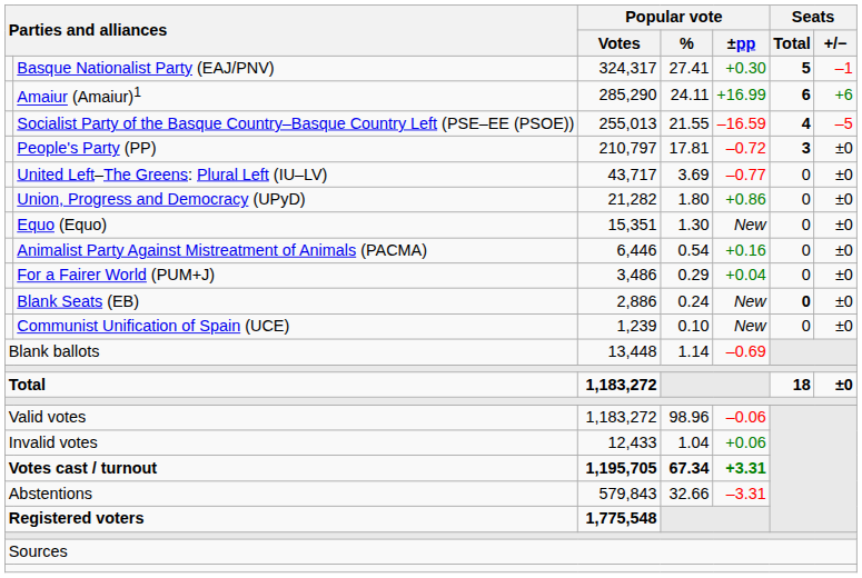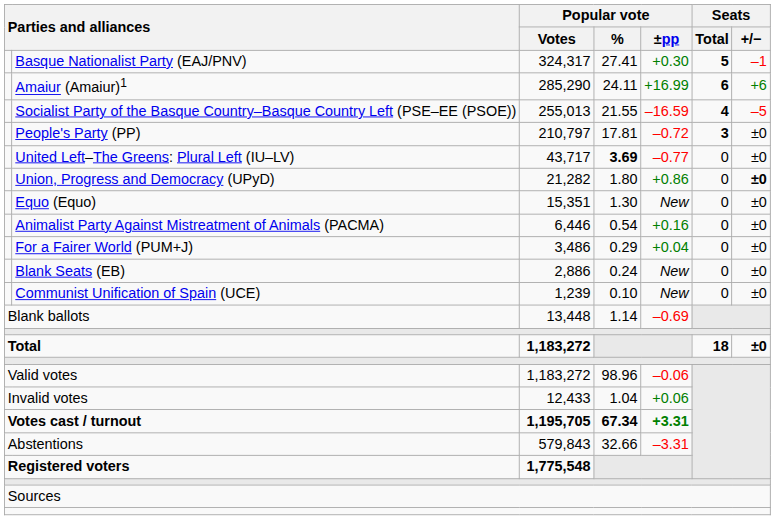 <table class="wikitable" style="text-align:right;">
 <tr>
 <th style="text-align:left;" rowspan="2" colspan="2" width="525">Parties and alliances</th>
 <th colspan="3">Popular vote</th>
 <th colspan="2">Seats</th>
 </tr>
 <tr>
 <th width="75">Votes</th>
 <th width="45">%</th>
 <th width="45">±<a href='#'>pp</a></th>
 <th width="35">Total</th>
 <th width="35">+/−</th>
 </tr>
 <tr>
 <td width="1" style="color:inherit;background:"></td>
 <td align="left"><a href='#'>Basque Nationalist Party</a> (EAJ/PNV)</td>
 <td>324,317</td>
 <td>27.41</td>
 <td style="color:green;">+0.30</td>
 <td><strong>5</strong></td>
 <td style="color:red;">–1</td>
 </tr>
 <tr>
 <td style="color:inherit;background:"></td>
 <td align="left"><a href='#'>Amaiur</a> (Amaiur)<sup>1</sup></td>
 <td>285,290</td>
 <td>24.11</td>
 <td style="color:green;">+16.99</td>
 <td><strong>6</strong></td>
 <td style="color:green;">+6</td>
 </tr>
 <tr>
 <td style="color:inherit;background:"></td>
 <td align="left"><a href='#'>Socialist Party of the Basque Country–Basque Country Left</a> (PSE–EE (PSOE))</td>
 <td>255,013</td>
 <td>21.55</td>
 <td style="color:red;">–16.59</td>
 <td><strong>4</strong></td>
 <td style="color:red;">–5</td>
 </tr>
 <tr>
 <td style="color:inherit;background:"></td>
 <td align="left"><a href='#'>People's Party</a> (PP)</td>
 <td>210,797</td>
 <td>17.81</td>
 <td style="color:red;">–0.72</td>
 <td><strong>3</strong></td>
 <td>±0</td>
 </tr>
 <tr>
 <td style="color:inherit;background:"></td>
 <td align="left"><a href='#'>United Left</a>–<a href='#'>The Greens</a>: <a href='#'>Plural Left</a> (IU–LV)</td>
 <td>43,717</td>
-<td>3.69</td>
+<td><strong>3.69</strong></td>
 <td style="color:red;">–0.77</td>
 <td>0</td>
 <td>±0</td>
 </tr>
 <tr>
 <td style="color:inherit;background:"></td>
 <td align="left"><a href='#'>Union, Progress and Democracy</a> (UPyD)</td>
 <td>21,282</td>
 <td>1.80</td>
 <td style="color:green;">+0.86</td>
 <td>0</td>
-<td>±0</td>
+<td><strong>±0</strong></td>
 </tr>
 <tr>
 <td style="color:inherit;background:"></td>
 <td align="left"><a href='#'>Equo</a> (Equo)</td>
 <td>15,351</td>
 <td>1.30</td>
 <td><em>New</em></td>
 <td>0</td>
 <td>±0</td>
 </tr>
 <tr>
 <td style="color:inherit;background:"></td>
 <td align="left"><a href='#'>Animalist Party Against Mistreatment of Animals</a> (PACMA)</td>
 <td>6,446</td>
 <td>0.54</td>
 <td style="color:green;">+0.16</td>
 <td>0</td>
 <td>±0</td>
 </tr>
 <tr>
 <td style="color:inherit;background:"></td>
 <td align="left"><a href='#'>For a Fairer World</a> (PUM+J)</td>
 <td>3,486</td>
 <td>0.29</td>
 <td style="color:green;">+0.04</td>
 <td>0</td>
 <td>±0</td>
 </tr>
 <tr>
 <td style="color:inherit;background:"></td>
 <td align="left"><a href='#'>Blank Seats</a> (EB)</td>
 <td>2,886</td>
 <td>0.24</td>
 <td><em>New</em></td>
-<td><strong>0</strong></td>
+<td>0</td>
 <td>±0</td>
 </tr>
 <tr>
 <td style="color:inherit;background:"></td>
 <td align="left"><a href='#'>Communist Unification of Spain</a> (UCE)</td>
 <td>1,239</td>
 <td>0.10</td>
 <td><em>New</em></td>
 <td>0</td>
 <td>±0</td>
 </tr>
 <tr>
 <td align="left" colspan="2">Blank ballots</td>
 <td>13,448</td>
 <td>1.14</td>
 <td style="color:red;">–0.69</td>
 <td bgcolor="#E9E9E9" colspan="2"></td>
 </tr>
 <tr>
 <td colspan="7" bgcolor="#E9E9E9"></td>
 </tr>
 <tr style="font-weight:bold;">
 <td align="left" colspan="2">Total</td>
 <td>1,183,272</td>
 <td bgcolor="#E9E9E9" colspan="2"></td>
 <td>18</td>
 <td>±0</td>
 </tr>
 <tr>
 <td colspan="7" bgcolor="#E9E9E9"></td>
 </tr>
 <tr>
 <td align="left" colspan="2">Valid votes</td>
 <td>1,183,272</td>
 <td>98.96</td>
 <td style="color:red;">–0.06</td>
 <td bgcolor="#E9E9E9" colspan="2" rowspan="5"></td>
 </tr>
 <tr>
 <td align="left" colspan="2">Invalid votes</td>
 <td>12,433</td>
 <td>1.04</td>
 <td style="color:green;">+0.06</td>
 </tr>
 <tr style="font-weight:bold;">
 <td align="left" colspan="2">Votes cast / turnout</td>
 <td>1,195,705</td>
 <td>67.34</td>
 <td style="color:green;">+3.31</td>
 </tr>
 <tr>
 <td align="left" colspan="2">Abstentions</td>
 <td>579,843</td>
 <td>32.66</td>
 <td style="color:red;">–3.31</td>
 </tr>
 <tr style="font-weight:bold;">
 <td align="left" colspan="2">Registered voters</td>
 <td>1,775,548</td>
 <td bgcolor="#E9E9E9" colspan="2"></td>
 </tr>
 <tr>
 <td colspan="7" bgcolor="#E9E9E9"></td>
 </tr>
 <tr>
 <td align="left" colspan="7">Sources</td>
 </tr>
 <tr>
 <td colspan="7" style="text-align:left; max-width:790px;"></td>
 </tr>
 </table>
